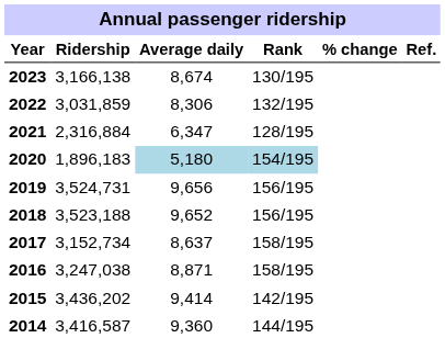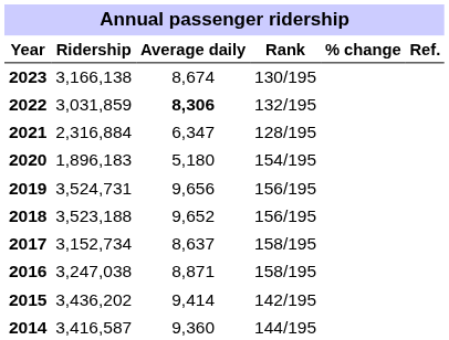 <table class="toccolours" cellpadding="4" cellspacing="0" style="text-align:right;">
 <tr>
 <th colspan="6"  style="background-color:#ccf; background-color:#ccf; font-size:110%; text-align:center;">Annual passenger ridership</th>
 </tr>
 <tr style="font-size:95%; text-align:center">
 <th style="border-bottom:1px solid black">Year</th>
 <th style="border-bottom:1px solid black">Ridership</th>
 <th style="border-bottom:1px solid black">Average daily</th>
 <th style="border-bottom:1px solid black">Rank</th>
 <th style="border-bottom:1px solid black">% change</th>
 <th style="border-bottom:1px solid black">Ref.</th>
 </tr>
 <tr style="text-align:center;">
 <td><strong>2023</strong></td>
 <td>3,166,138</td>
 <td>8,674</td>
 <td>130/195</td>
 <td></td>
 <td></td>
 </tr>
 <tr style="text-align:center;">
 <td><strong>2022</strong></td>
 <td>3,031,859</td>
-<td>8,306</td>
+<td><strong>8,306</strong></td>
 <td>132/195</td>
 <td></td>
 <td></td>
 </tr>
 <tr style="text-align:center;">
 <td><strong>2021</strong></td>
 <td>2,316,884</td>
 <td>6,347</td>
 <td>128/195</td>
 <td></td>
 <td></td>
 </tr>
 <tr style="text-align:center;">
 <td><strong>2020</strong></td>
 <td>1,896,183</td>
-<td style="background: lightblue;">5,180</td>
-<td style="background: lightblue;">154/195</td>
+<td>5,180</td>
+<td>154/195</td>
 <td></td>
 <td></td>
 </tr>
 <tr style="text-align:center;">
 <td><strong>2019</strong></td>
 <td>3,524,731</td>
 <td>9,656</td>
 <td>156/195</td>
 <td></td>
 <td></td>
 </tr>
 <tr style="text-align:center;">
 <td><strong>2018</strong></td>
 <td>3,523,188</td>
 <td>9,652</td>
 <td>156/195</td>
 <td></td>
 <td></td>
 </tr>
 <tr style="text-align:center;">
 <td><strong>2017</strong></td>
 <td>3,152,734</td>
 <td>8,637</td>
 <td>158/195</td>
 <td></td>
 <td></td>
 </tr>
 <tr style="text-align:center;">
 <td><strong>2016</strong></td>
 <td>3,247,038</td>
 <td>8,871</td>
 <td>158/195</td>
 <td></td>
 <td></td>
 </tr>
 <tr style="text-align:center;">
 <td><strong>2015</strong></td>
 <td>3,436,202</td>
 <td>9,414</td>
 <td>142/195</td>
 <td></td>
 <td></td>
 </tr>
 <tr style="text-align:center;">
 <td><strong>2014</strong></td>
 <td>3,416,587</td>
 <td>9,360</td>
 <td>144/195</td>
 <td></td>
 <td></td>
 </tr>
 </table>
